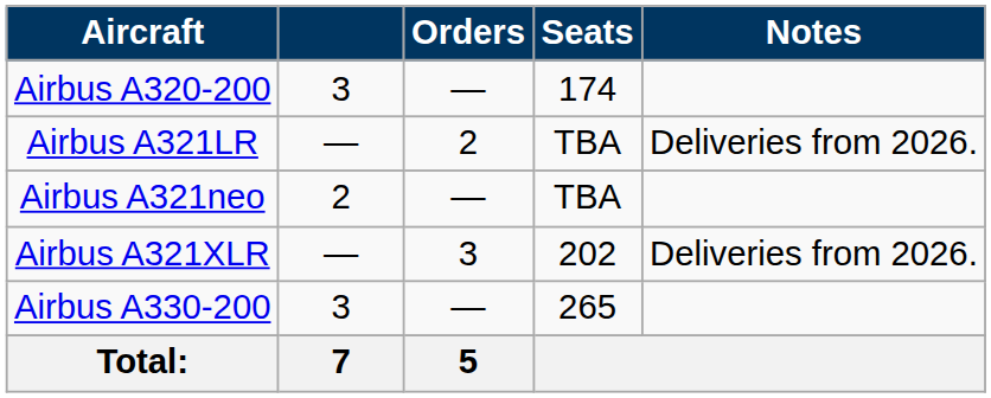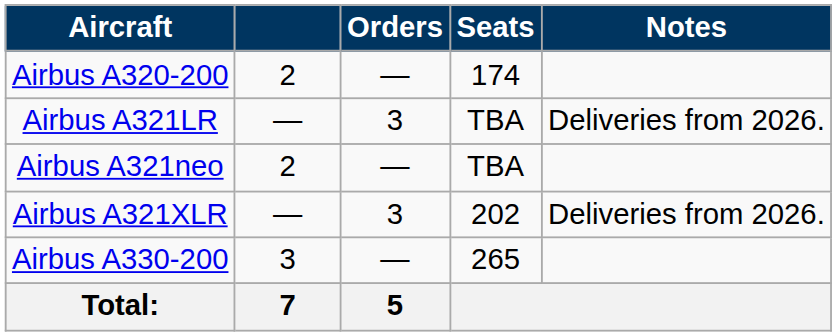 <table class="wikitable" style="border-collapse:collapse;text-align:center;  margin: 1em auto;">
 <tr>
 <th style="background:#003560; color:white;">Aircraft</th>
 <th style="background:#003560; color:white; width:50px;"></th>
 <th style="background:#003560; color:white; width:50px;">Orders</th>
 <th style="background:#003560; color:white;">Seats</th>
 <th class="unsortable" style="background:#003560; color:white;">Notes</th>
 </tr>
 <tr>
 <td><a href='#'>Airbus A320-200</a></td>
-<td>3</td>
+<td>2</td>
 <td>—</td>
 <td>174</td>
 <td></td>
 </tr>
 <tr>
 <td><a href='#'>Airbus A321LR</a></td>
 <td>—</td>
-<td>2</td>
+<td>3</td>
 <td><abbr>TBA</abbr></td>
 <td>Deliveries from 2026.</td>
 </tr>
 <tr>
 <td><a href='#'>Airbus A321neo</a></td>
 <td>2</td>
 <td>—</td>
 <td><abbr>TBA</abbr></td>
 <td></td>
 </tr>
 <tr>
 <td><a href='#'>Airbus A321XLR</a></td>
 <td>—</td>
 <td>3</td>
 <td>202</td>
 <td>Deliveries from 2026.</td>
 </tr>
 <tr>
 <td><a href='#'>Airbus A330-200</a></td>
 <td>3</td>
 <td>—</td>
 <td>265</td>
 <td></td>
 </tr>
 <tr>
 <th>Total:</th>
 <th>7</th>
 <th>5</th>
 <th colspan="2"></th>
 </tr>
 </table>
